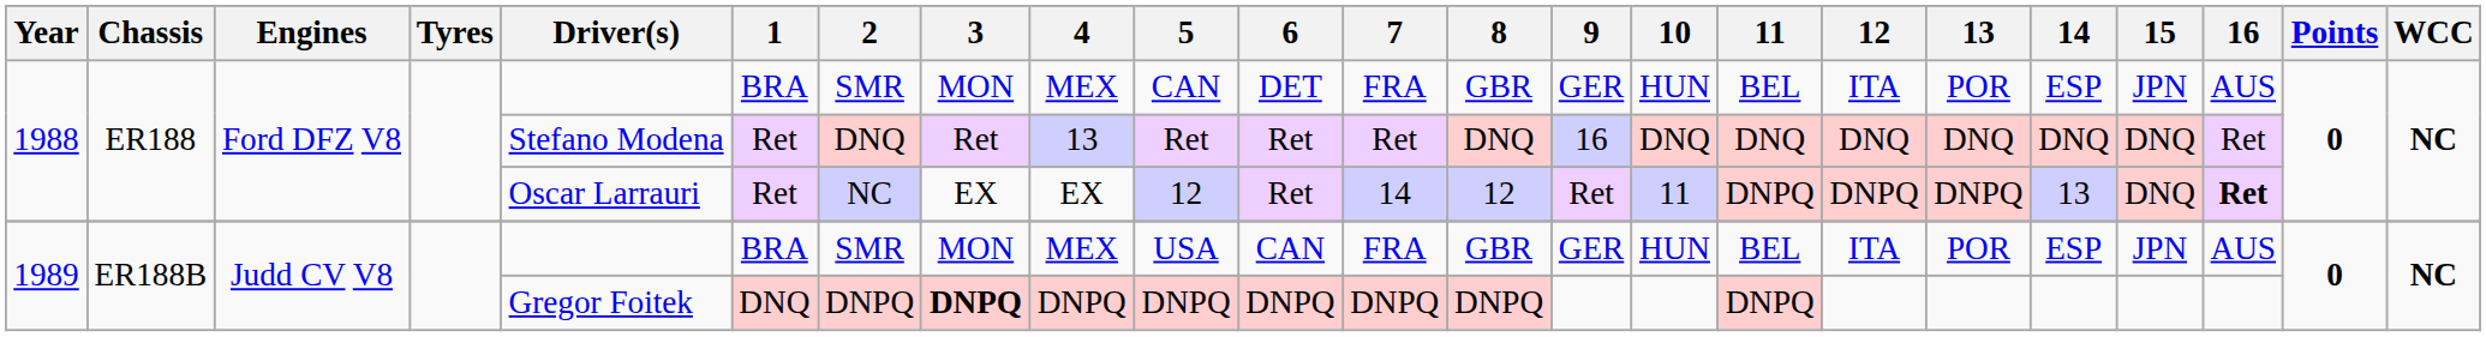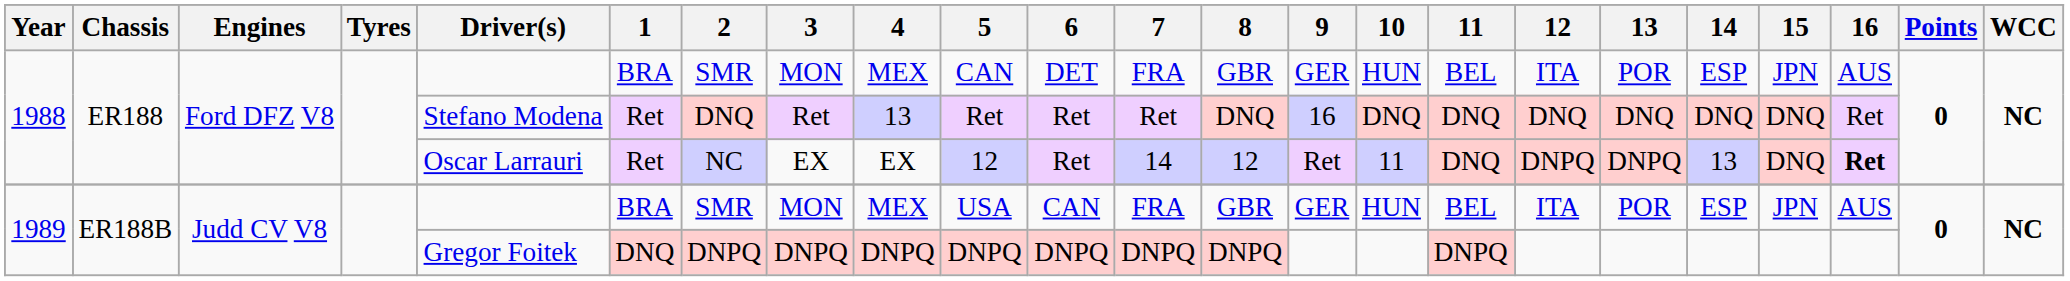 <table class="wikitable" style="text-align:center; font-size:90%">
 <tr>
 <th>Year</th>
 <th>Chassis</th>
 <th>Engines</th>
 <th>Tyres</th>
 <th>Driver(s)</th>
 <th>1</th>
 <th>2</th>
 <th>3</th>
 <th>4</th>
 <th>5</th>
 <th>6</th>
 <th>7</th>
 <th>8</th>
 <th>9</th>
 <th>10</th>
 <th>11</th>
 <th>12</th>
 <th>13</th>
 <th>14</th>
 <th>15</th>
 <th>16</th>
 <th><a href='#'>Points</a></th>
 <th>WCC</th>
 </tr>
 <tr>
 <td rowspan="3"><a href='#'>1988</a></td>
 <td rowspan="3">ER188</td>
 <td rowspan="3"><a href='#'>Ford DFZ</a> <a href='#'>V8</a></td>
 <td rowspan="3"></td>
 <td></td>
 <td><a href='#'>BRA</a></td>
 <td><a href='#'>SMR</a></td>
 <td><a href='#'>MON</a></td>
 <td><a href='#'>MEX</a></td>
 <td><a href='#'>CAN</a></td>
 <td><a href='#'>DET</a></td>
 <td><a href='#'>FRA</a></td>
 <td><a href='#'>GBR</a></td>
 <td><a href='#'>GER</a></td>
 <td><a href='#'>HUN</a></td>
 <td><a href='#'>BEL</a></td>
 <td><a href='#'>ITA</a></td>
 <td><a href='#'>POR</a></td>
 <td><a href='#'>ESP</a></td>
 <td><a href='#'>JPN</a></td>
 <td><a href='#'>AUS</a></td>
 <td rowspan="3"><strong>0</strong></td>
 <td rowspan="3"><strong>NC</strong></td>
 </tr>
 <tr>
 <td align="left"> <a href='#'>Stefano Modena</a></td>
 <td style="background:#EFCFFF;">Ret</td>
 <td style="background:#FFCFCF;">DNQ</td>
 <td style="background:#EFCFFF;">Ret</td>
 <td style="background:#CFCFFF;">13</td>
 <td style="background:#EFCFFF;">Ret</td>
 <td style="background:#EFCFFF;">Ret</td>
 <td style="background:#EFCFFF;">Ret</td>
 <td style="background:#FFCFCF;">DNQ</td>
 <td style="background:#CFCFFF;">16</td>
 <td style="background:#FFCFCF;">DNQ</td>
 <td style="background:#FFCFCF;">DNQ</td>
 <td style="background:#FFCFCF;">DNQ</td>
 <td style="background:#FFCFCF;">DNQ</td>
 <td style="background:#FFCFCF;">DNQ</td>
 <td style="background:#FFCFCF;">DNQ</td>
 <td style="background:#EFCFFF;">Ret</td>
 </tr>
 <tr>
 <td align="left"> <a href='#'>Oscar Larrauri</a></td>
 <td style="background:#EFCFFF;">Ret</td>
 <td style="background:#CFCFFF;">NC</td>
 <td>EX</td>
 <td>EX</td>
 <td style="background:#CFCFFF;">12</td>
 <td style="background:#EFCFFF;">Ret</td>
 <td style="background:#CFCFFF;">14</td>
 <td style="background:#CFCFFF;">12</td>
 <td style="background:#EFCFFF;">Ret</td>
 <td style="background:#CFCFFF;">11</td>
-<td style="background:#FFCFCF;">DNPQ</td>
+<td style="background:#FFCFCF;">DNQ</td>
 <td style="background:#FFCFCF;">DNPQ</td>
 <td style="background:#FFCFCF;">DNPQ</td>
 <td style="background:#CFCFFF;">13</td>
 <td style="background:#FFCFCF;">DNQ</td>
 <td style="background:#EFCFFF;"><strong>Ret</strong></td>
 </tr>
 <tr>
 </tr>
 <tr>
 <td rowspan="3"><a href='#'>1989</a></td>
 <td rowspan="3">ER188B</td>
 <td rowspan="3"><a href='#'>Judd CV</a> <a href='#'>V8</a></td>
 <td rowspan="3"></td>
 <td></td>
 <td><a href='#'>BRA</a></td>
 <td><a href='#'>SMR</a></td>
 <td><a href='#'>MON</a></td>
 <td><a href='#'>MEX</a></td>
 <td><a href='#'>USA</a></td>
 <td><a href='#'>CAN</a></td>
 <td><a href='#'>FRA</a></td>
 <td><a href='#'>GBR</a></td>
 <td><a href='#'>GER</a></td>
 <td><a href='#'>HUN</a></td>
 <td><a href='#'>BEL</a></td>
 <td><a href='#'>ITA</a></td>
 <td><a href='#'>POR</a></td>
 <td><a href='#'>ESP</a></td>
 <td><a href='#'>JPN</a></td>
 <td><a href='#'>AUS</a></td>
 <td rowspan="3"><strong>0</strong></td>
 <td rowspan="3"><strong>NC</strong></td>
 </tr>
 <tr>
 <td align="left"> <a href='#'>Gregor Foitek</a></td>
 <td style="background:#FFCFCF;">DNQ</td>
 <td style="background:#FFCFCF;">DNPQ</td>
-<td style="background:#FFCFCF;"><strong>DNPQ</strong></td>
+<td style="background:#FFCFCF;">DNPQ</td>
 <td style="background:#FFCFCF;">DNPQ</td>
 <td style="background:#FFCFCF;">DNPQ</td>
 <td style="background:#FFCFCF;">DNPQ</td>
 <td style="background:#FFCFCF;">DNPQ</td>
 <td style="background:#FFCFCF;">DNPQ</td>
 <td></td>
 <td></td>
 <td style="background:#FFCFCF;">DNPQ</td>
 <td></td>
 <td></td>
 <td></td>
 <td></td>
 <td></td>
 </tr>
 </table>
